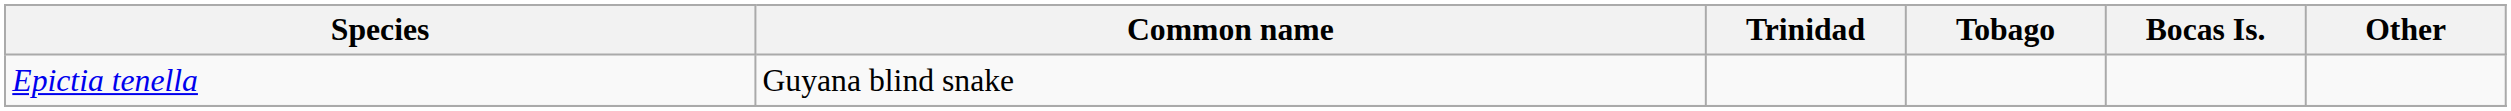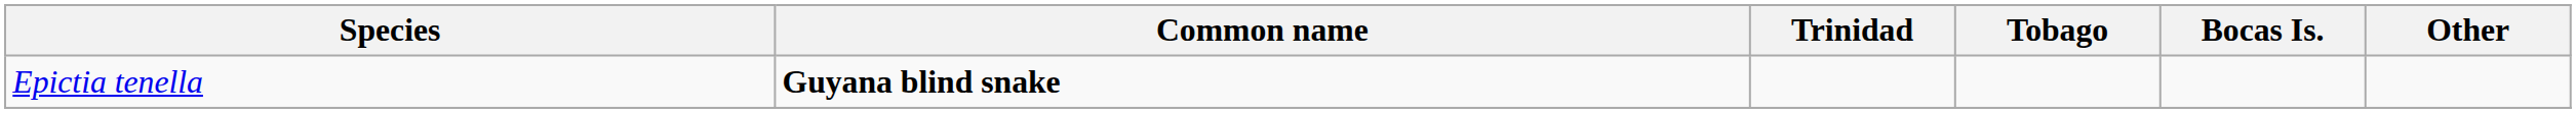 <table width=100% class="wikitable">
 <tr>
 <th scope="col" width=30%>Species</th>
 <th scope="col" width=38%>Common name</th>
 <th scope="col" width=8%>Trinidad</th>
 <th scope="col" width=8%>Tobago</th>
 <th scope="col" width=8%>Bocas Is.</th>
 <th scope="col" width=8%>Other</th>
 </tr>
 <tr>
 <td><em><a href='#'>Epictia tenella</a></em></td>
-<td>Guyana blind snake</td>
+<td><strong>Guyana blind snake</strong></td>
 <td></td>
 <td></td>
 <td></td>
 <td></td>
 </tr>
 <tr>
 </tr>
 </table>
